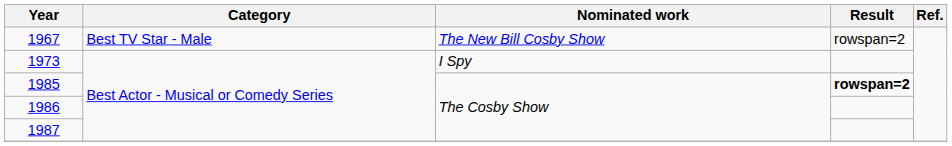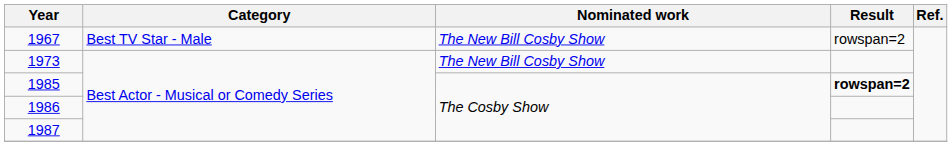 <table class=wikitable>
 <tr>
 <th scope="col" style="width:5em;">Year</th>
 <th scope="col" style="width:24em;">Category</th>
 <th scope="col" style="width:27em;">Nominated work</th>
 <th scope="col" style="width:5em;">Result</th>
 <th>Ref.</th>
 </tr>
 <tr>
 <td style="text-align:center;"><a href='#'>1967</a></td>
 <td><a href='#'>Best TV Star - Male</a></td>
 <td><em><a href='#'>The New Bill Cosby Show</a></em></td>
 <td>rowspan=2 </td>
 <td rowspan=5></td>
 </tr>
 <tr>
 <td style="text-align:center;"><a href='#'>1973</a></td>
 <td rowspan=4><a href='#'>Best Actor - Musical or Comedy Series</a></td>
-<td><em>I Spy</em></td>
+<td><em><a href='#'>The New Bill Cosby Show</a></em></td>
 </tr>
 <tr>
 <td style="text-align:center;"><a href='#'>1985</a></td>
 <td rowspan=3><em>The Cosby Show</em></td>
 <td><strong>rowspan=2 </strong></td>
 </tr>
 <tr>
 <td style="text-align:center;"><a href='#'>1986</a></td>
 </tr>
 <tr>
 <td style="text-align:center;"><a href='#'>1987</a></td>
 <td></td>
 </tr>
 <tr>
 </tr>
 </table>
